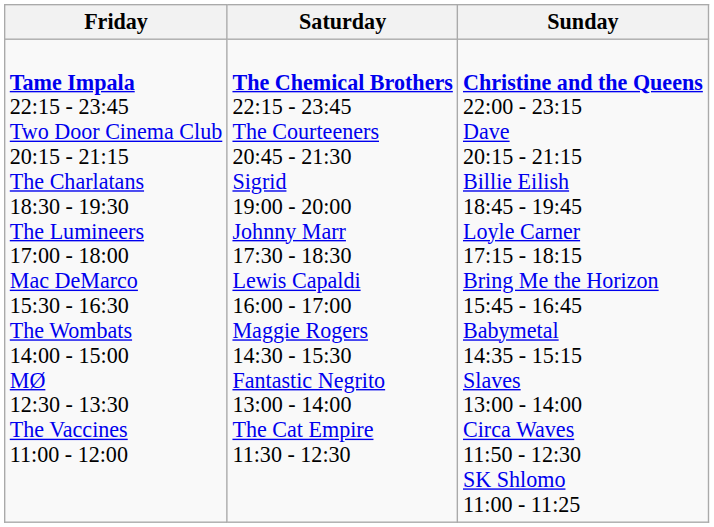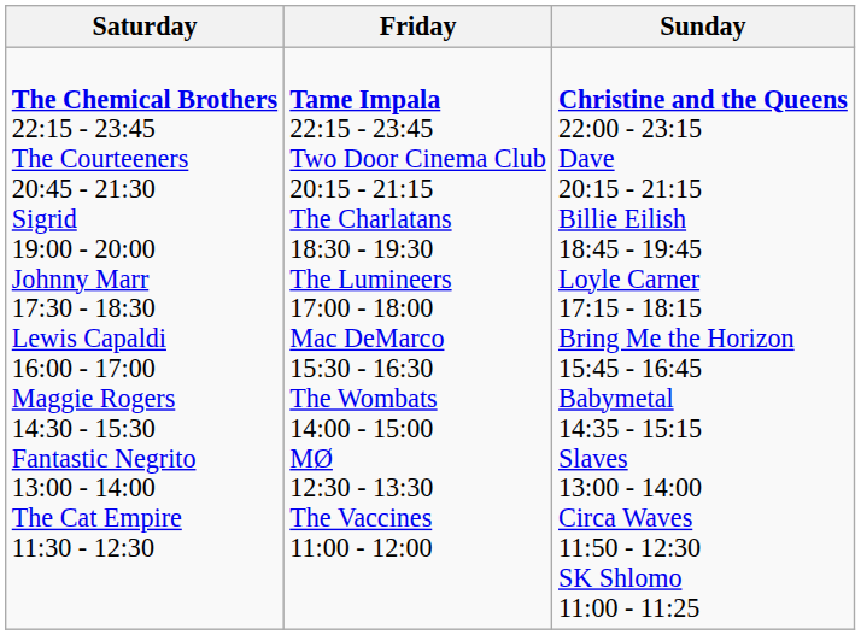 <table class="wikitable">
 <tr>
+<th>Saturday</th>
 <th>Friday</th>
-<th>Saturday</th>
 <th>Sunday</th>
 </tr>
 <tr valign="top">
+<td><br><strong><a href='#'>The Chemical Brothers</a></strong> <br>22:15 - 23:45 <br><a href='#'>The Courteeners</a> <br>20:45 - 21:30 <br><a href='#'>Sigrid</a> <br>19:00 - 20:00 <br><a href='#'>Johnny Marr</a> <br>17:30 - 18:30 <br><a href='#'>Lewis Capaldi</a> <br>16:00 - 17:00 <br><a href='#'>Maggie Rogers</a> <br>14:30 - 15:30 <br><a href='#'>Fantastic Negrito</a> <br>13:00 - 14:00 <br><a href='#'>The Cat Empire</a> <br>11:30 - 12:30</td>
 <td><br><strong><a href='#'>Tame Impala</a></strong> <br>22:15 - 23:45 <br><a href='#'>Two Door Cinema Club</a> <br>20:15 - 21:15 <br><a href='#'>The Charlatans</a> <br>18:30 - 19:30 <br><a href='#'>The Lumineers</a> <br>17:00 - 18:00 <br><a href='#'>Mac DeMarco</a> <br>15:30 - 16:30 <br><a href='#'>The Wombats</a> <br>14:00 - 15:00 <br><a href='#'>MØ</a> <br>12:30 - 13:30 <br><a href='#'>The Vaccines</a> <br>11:00 - 12:00</td>
-<td><br><strong><a href='#'>The Chemical Brothers</a></strong> <br>22:15 - 23:45 <br><a href='#'>The Courteeners</a> <br>20:45 - 21:30 <br><a href='#'>Sigrid</a> <br>19:00 - 20:00 <br><a href='#'>Johnny Marr</a> <br>17:30 - 18:30 <br><a href='#'>Lewis Capaldi</a> <br>16:00 - 17:00 <br><a href='#'>Maggie Rogers</a> <br>14:30 - 15:30 <br><a href='#'>Fantastic Negrito</a> <br>13:00 - 14:00 <br><a href='#'>The Cat Empire</a> <br>11:30 - 12:30</td>
 <td><br><strong><a href='#'>Christine and the Queens</a></strong> <br>22:00 - 23:15 <br><a href='#'>Dave</a> <br>20:15 - 21:15 <br><a href='#'>Billie Eilish</a> <br>18:45 - 19:45 <br><a href='#'>Loyle Carner</a> <br>17:15 - 18:15 <br><a href='#'>Bring Me the Horizon</a> <br>15:45 - 16:45 <br><a href='#'>Babymetal</a> <br>14:35 - 15:15 <br><a href='#'>Slaves</a> <br>13:00 - 14:00 <br><a href='#'>Circa Waves</a> <br>11:50 - 12:30 <br><a href='#'>SK Shlomo</a> <br>11:00 - 11:25</td>
 </tr>
 </table>
